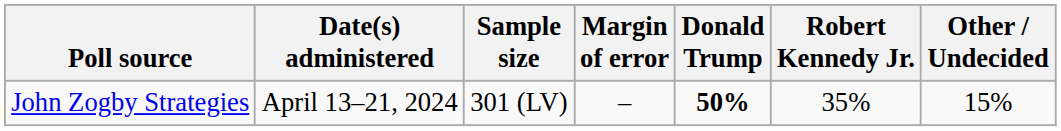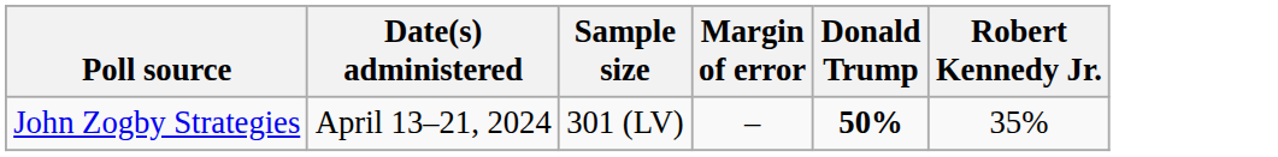 <table class="wikitable sortable mw-datatable" style="font-size:90%;text-align:center;line-height:17px">
 <tr valign=bottom>
 <th>Poll source</th>
 <th>Date(s)<br>administered</th>
 <th>Sample<br>size</th>
 <th>Margin<br>of error</th>
 <th class="unsortable">Donald<br>Trump<br></th>
 <th class="unsortable">Robert<br>Kennedy Jr.<br></th>
-<th class="unsortable">Other /<br>Undecided</th>
 </tr>
 <tr>
 <td style="text-align:left;"><a href='#'>John Zogby Strategies</a></td>
 <td data-sort-value="2024-05-01">April 13–21, 2024</td>
 <td>301 (LV)</td>
 <td>–</td>
 <td style="background-color:"><strong>50%</strong></td>
 <td>35%</td>
-<td>15%</td>
 </tr>
 </table>
